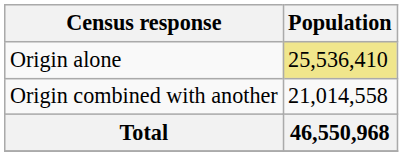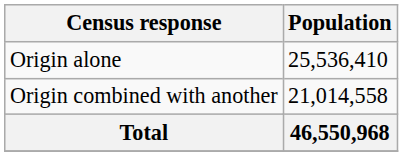 <table class="wikitable" style="font-size: 90%">
 <tr>
 <th colspan= "2">Census response</th>
 <th>Population</th>
 </tr>
 <tr>
 <td colspan="2" style="text-align:left;">Origin alone</td>
-<td style="background: khaki;">25,536,410</td>
+<td>25,536,410</td>
 </tr>
 <tr>
 <td colspan="2" style="text-align:left;">Origin combined with another</td>
 <td>21,014,558</td>
 </tr>
 <tr>
 <th colspan="1">Total</th>
 <th colspan=2 style="text-align:center;">46,550,968</th>
 </tr>
 <tr>
 </tr>
 </table>
